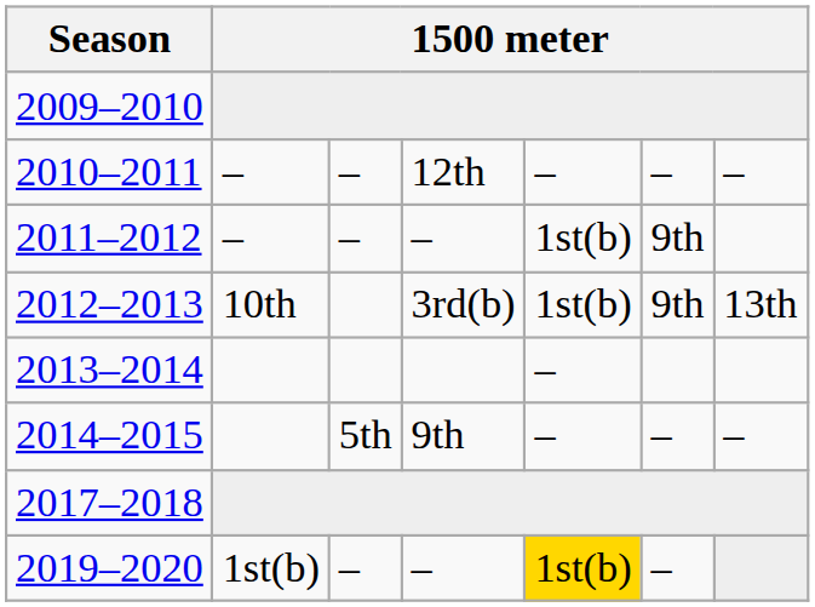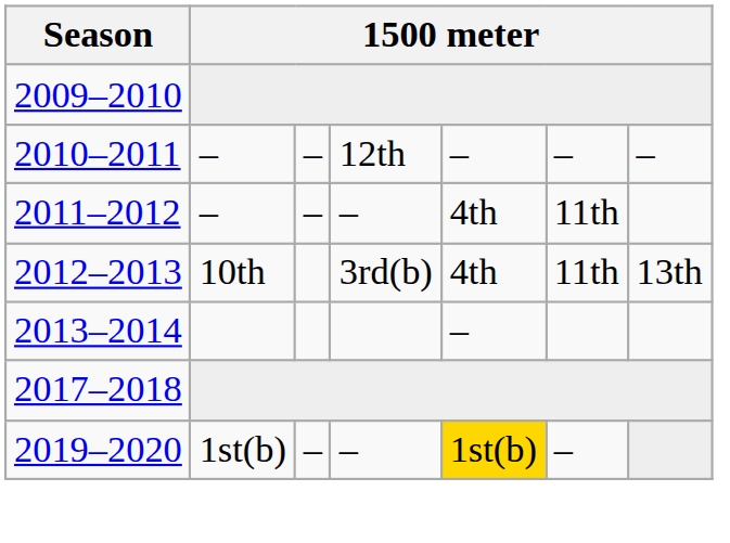 <table class="wikitable" style="display: inline-table;">
 <tr>
 <th>Season</th>
 <th colspan="6">1500 meter</th>
 </tr>
 <tr>
 <td><a href='#'>2009–2010</a></td>
 <td colspan="6" bgcolor=#EEEEEE></td>
 </tr>
 <tr>
 <td><a href='#'>2010–2011</a></td>
 <td>–</td>
 <td>–</td>
 <td>12th</td>
 <td>–</td>
 <td>–</td>
 <td>–</td>
 </tr>
 <tr>
 <td><a href='#'>2011–2012</a></td>
 <td>–</td>
 <td>–</td>
 <td>–</td>
-<td>1st(b)</td>
-<td>9th</td>
+<td>4th</td>
+<td>11th</td>
 <td></td>
 </tr>
 <tr>
 <td><a href='#'>2012–2013</a></td>
 <td>10th</td>
 <td></td>
 <td>3rd(b)</td>
-<td>1st(b)</td>
-<td>9th</td>
+<td>4th</td>
+<td>11th</td>
 <td>13th</td>
 </tr>
 <tr>
 <td><a href='#'>2013–2014</a></td>
 <td></td>
 <td></td>
 <td></td>
 <td>–</td>
 <td></td>
 <td></td>
-</tr>
-<tr>
-<td><a href='#'>2014–2015</a></td>
-<td></td>
-<td>5th</td>
-<td>9th</td>
-<td>–</td>
-<td>–</td>
-<td>–</td>
 </tr>
 <tr>
 <td><a href='#'>2017–2018</a></td>
 <td colspan="6" bgcolor=#EEEEEE></td>
 </tr>
 <tr>
 <td><a href='#'>2019–2020</a></td>
 <td>1st(b)</td>
 <td>–</td>
 <td>–</td>
 <td style="background: gold;">1st(b)</td>
 <td>–</td>
 <td colspan="1" bgcolor=#EEEEEE></td>
 </tr>
 </table>
